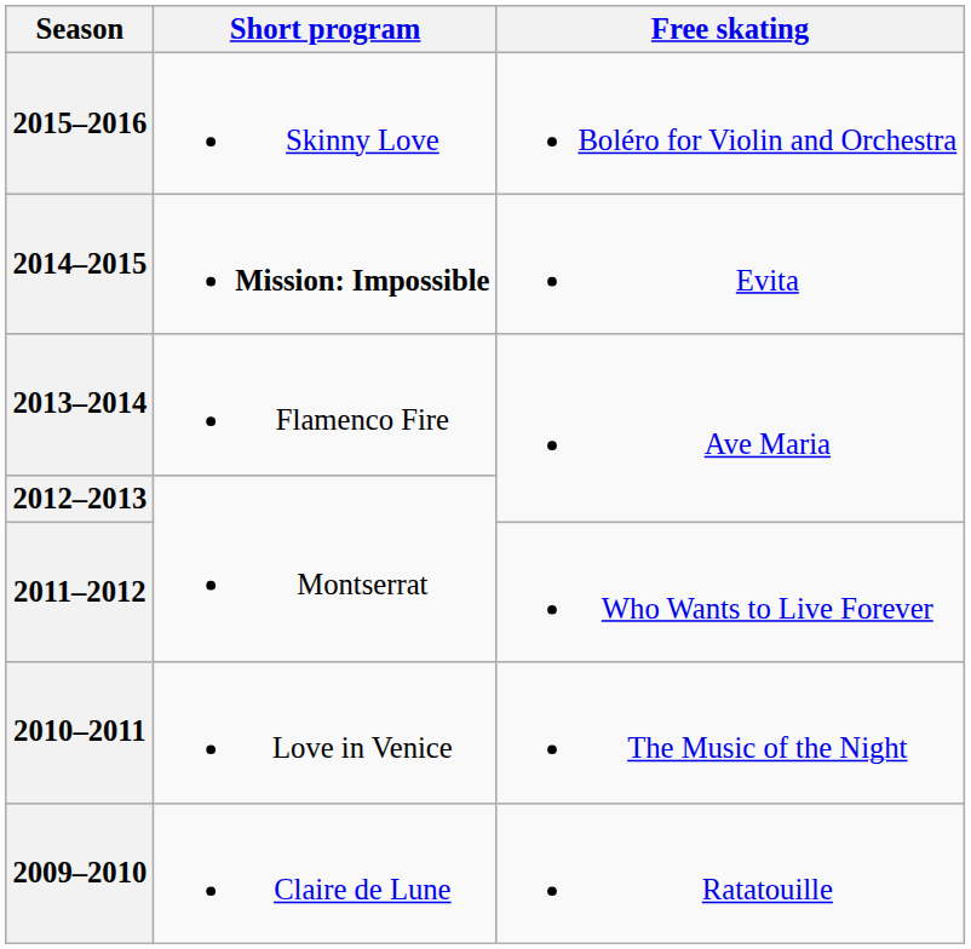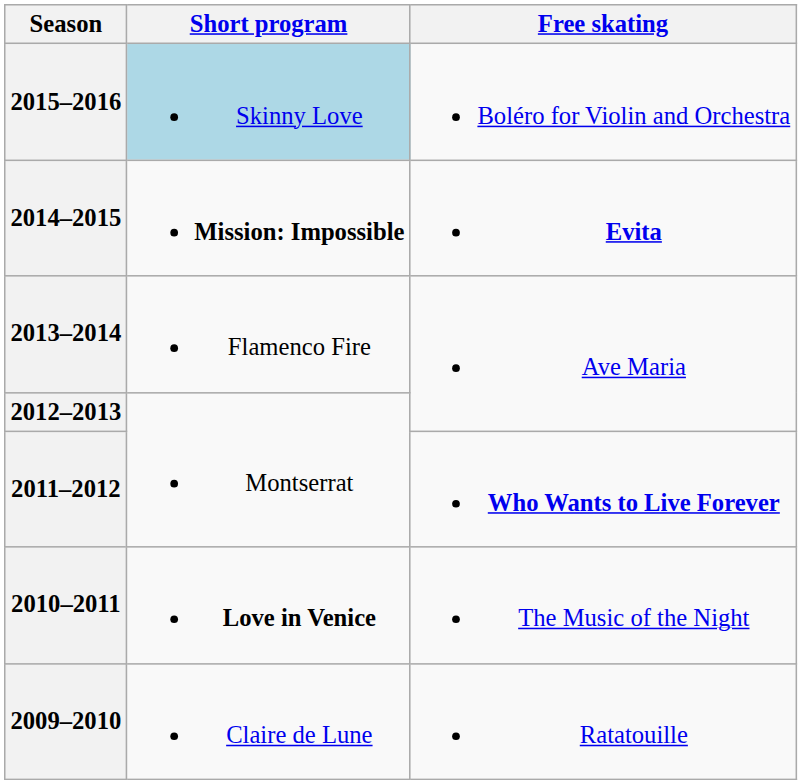 <table class="wikitable" style="text-align:center">
 <tr>
 <th>Season</th>
 <th><a href='#'>Short program</a></th>
 <th><a href='#'>Free skating</a></th>
 </tr>
 <tr>
 <th>2015–2016 <br></th>
-<td><br><ul><li><a href='#'>Skinny Love</a> <br></li></ul></td>
+<td style="background: lightblue;"><br><ul><li><a href='#'>Skinny Love</a> <br></li></ul></td>
 <td><br><ul><li><a href='#'>Boléro for Violin and Orchestra</a> <br></li></ul></td>
 </tr>
 <tr>
 <th>2014–2015 <br> </th>
 <td><strong><br><ul><li>Mission: Impossible <br></li></ul></strong></td>
-<td><br><ul><li><a href='#'>Evita</a> <br></li></ul></td>
+<td><strong><br><ul><li><a href='#'>Evita</a> <br></li></ul></strong></td>
 </tr>
 <tr>
 <th>2013–2014 <br> </th>
 <td><br><ul><li>Flamenco Fire <br></li></ul></td>
 <td rowspan=2><br><ul><li><a href='#'>Ave Maria</a> <br></li></ul></td>
 </tr>
 <tr>
 <th>2012–2013 <br> </th>
 <td rowspan=2><br><ul><li>Montserrat <br></li></ul></td>
 </tr>
 <tr>
 <th>2011–2012 <br> </th>
-<td><br><ul><li><a href='#'>Who Wants to Live Forever</a> <br></li></ul></td>
+<td><strong><br><ul><li><a href='#'>Who Wants to Live Forever</a> <br></li></ul></strong></td>
 </tr>
 <tr>
 <th>2010–2011 <br> </th>
-<td><br><ul><li>Love in Venice <br></li></ul></td>
+<td><strong><br><ul><li>Love in Venice <br></li></ul></strong></td>
 <td><br><ul><li><a href='#'>The Music of the Night</a> <br></li></ul></td>
 </tr>
 <tr>
 <th>2009–2010 <br> </th>
 <td><br><ul><li><a href='#'>Claire de Lune</a> <br></li></ul></td>
 <td><br><ul><li><a href='#'>Ratatouille</a> <br></li></ul></td>
 </tr>
 </table>
